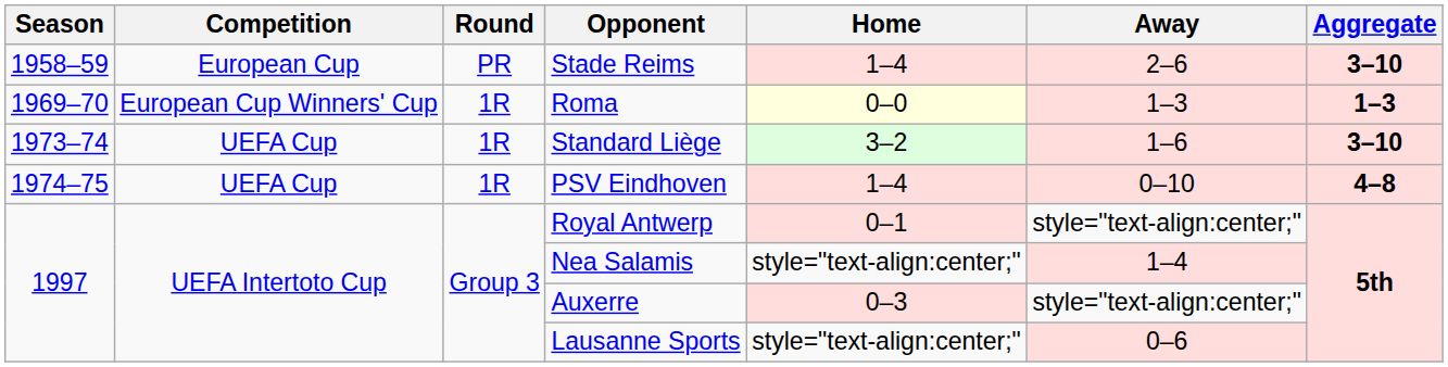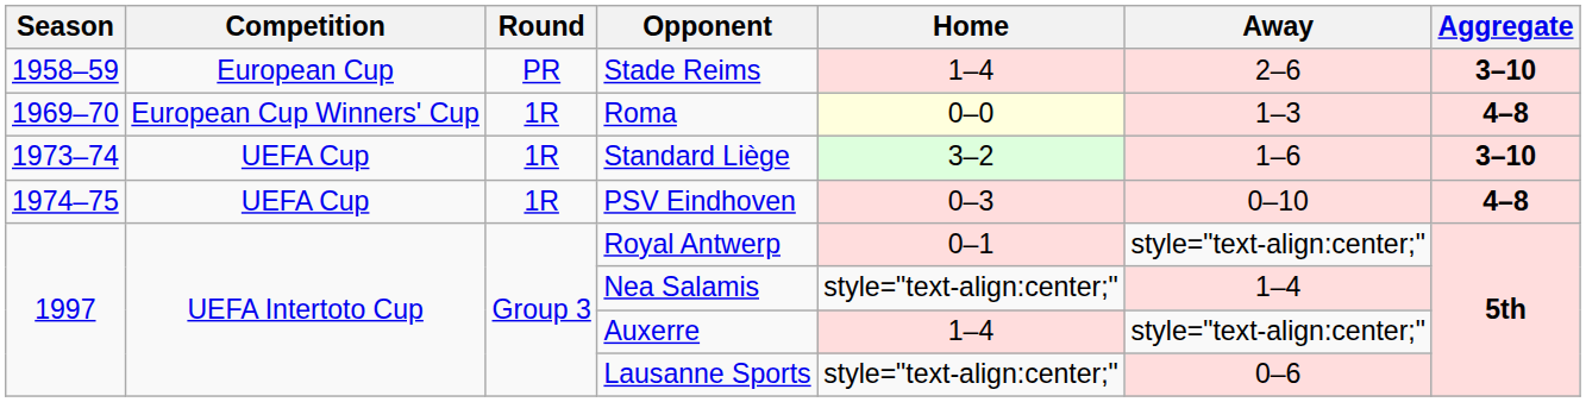 <table class="wikitable" style="font-size:100%; text-align: center;">
 <tr>
 <th>Season</th>
 <th>Competition</th>
 <th>Round</th>
 <th>Opponent</th>
 <th>Home</th>
 <th>Away</th>
 <th><a href='#'>Aggregate</a></th>
 </tr>
 <tr>
 <td><a href='#'>1958–59</a></td>
 <td><a href='#'>European Cup</a></td>
 <td><a href='#'>PR</a></td>
 <td align="left"> <a href='#'>Stade Reims</a></td>
 <td bgcolor="#ffdddd" style="text-align:center;">1–4</td>
 <td bgcolor="#ffdddd" style="text-align:center;">2–6</td>
 <td bgcolor="#ffdddd" style="text-align:center;"><strong>3–10</strong></td>
 </tr>
 <tr>
 <td><a href='#'>1969–70</a></td>
 <td><a href='#'>European Cup Winners' Cup</a></td>
 <td><a href='#'>1R</a></td>
 <td align="left"> <a href='#'>Roma</a></td>
 <td bgcolor="#ffffdd" style="text-align:center;">0–0</td>
 <td bgcolor="#ffdddd" style="text-align:center;">1–3</td>
-<td bgcolor="#ffdddd" style="text-align:center;"><strong>1–3</strong></td>
+<td bgcolor="#ffdddd" style="text-align:center;"><strong>4–8</strong></td>
 </tr>
 <tr>
 <td><a href='#'>1973–74</a></td>
 <td><a href='#'>UEFA Cup</a></td>
 <td><a href='#'>1R</a></td>
 <td align="left"> <a href='#'>Standard Liège</a></td>
 <td bgcolor="#ddffdd" style="text-align:center;">3–2</td>
 <td bgcolor="#ffdddd" style="text-align:center;">1–6</td>
 <td bgcolor="#ffdddd" style="text-align:center;"><strong>3–10</strong></td>
 </tr>
 <tr>
 <td><a href='#'>1974–75</a></td>
 <td><a href='#'>UEFA Cup</a></td>
 <td><a href='#'>1R</a></td>
 <td align="left"> <a href='#'>PSV Eindhoven</a></td>
-<td bgcolor="#ffdddd" style="text-align:center;">1–4</td>
+<td bgcolor="#ffdddd" style="text-align:center;">0–3</td>
 <td bgcolor="#ffdddd" style="text-align:center;">0–10</td>
 <td bgcolor="#ffdddd" style="text-align:center;"><strong>4–8</strong></td>
 </tr>
 <tr>
 <td rowspan="4"><a href='#'>1997</a></td>
 <td rowspan="4"><a href='#'>UEFA Intertoto Cup</a></td>
 <td rowspan="4"><a href='#'>Group 3</a></td>
 <td align="left"> <a href='#'>Royal Antwerp</a></td>
 <td bgcolor="#ffdddd" style="text-align:center;">0–1</td>
 <td>style="text-align:center;" </td>
 <td bgcolor=#ffdddd rowspan=4 style="text-align:center;"><strong>5th</strong></td>
 </tr>
 <tr>
 <td align="left"> <a href='#'>Nea Salamis</a></td>
 <td>style="text-align:center;" </td>
 <td bgcolor="#ffdddd" style="text-align:center;">1–4</td>
 </tr>
 <tr>
 <td align="left"> <a href='#'>Auxerre</a></td>
-<td bgcolor="#ffdddd" style="text-align:center;">0–3</td>
+<td bgcolor="#ffdddd" style="text-align:center;">1–4</td>
 <td>style="text-align:center;" </td>
 </tr>
 <tr>
 <td align="left"> <a href='#'>Lausanne Sports</a></td>
 <td>style="text-align:center;" </td>
 <td bgcolor="#ffdddd" style="text-align:center;">0–6</td>
 </tr>
 </table>
